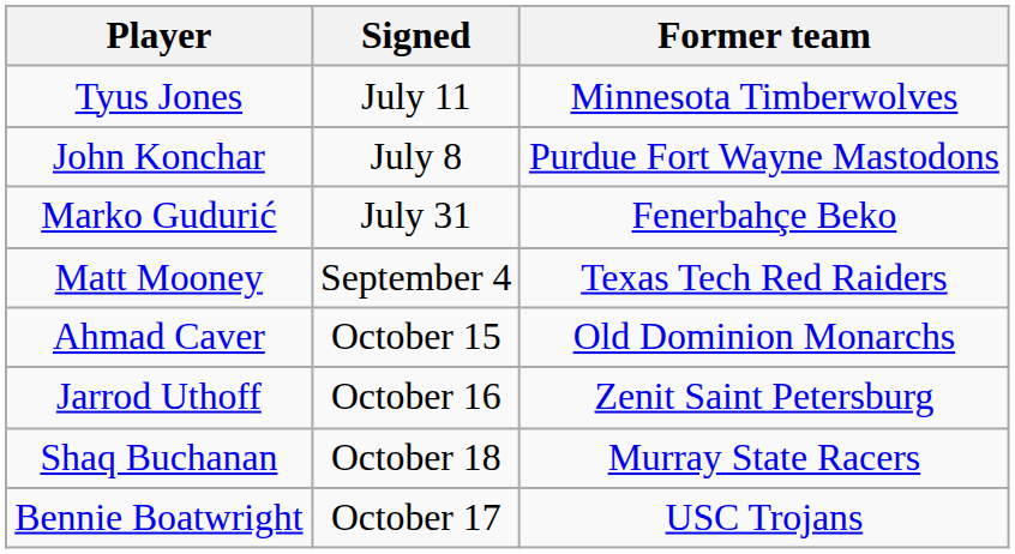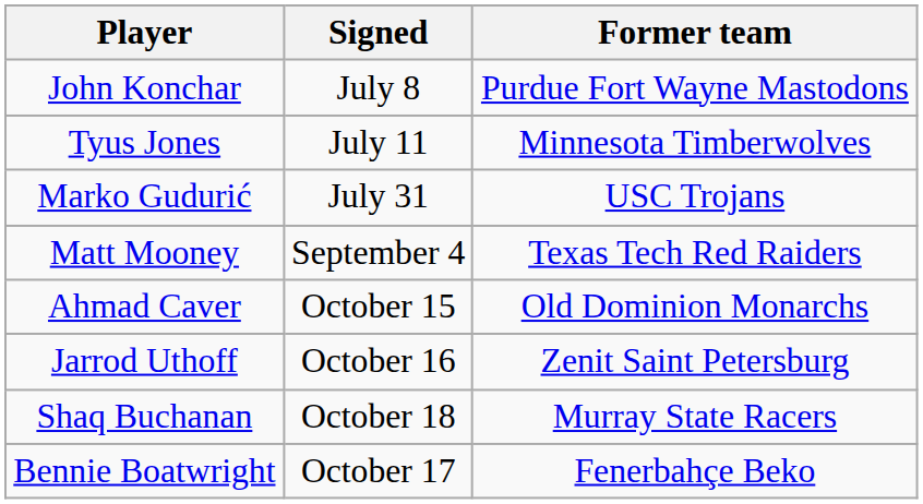 <table class="wikitable sortable sortable" style="text-align: center">
 <tr>
 <th>Player</th>
 <th>Signed</th>
 <th>Former team</th>
 </tr>
 <tr>
+<td><a href='#'>John Konchar</a></td>
+<td>July 8</td>
+<td><a href='#'>Purdue Fort Wayne Mastodons</a></td>
+</tr>
+<tr>
 <td><a href='#'>Tyus Jones</a></td>
 <td>July 11</td>
 <td><a href='#'>Minnesota Timberwolves</a></td>
 </tr>
 <tr>
-<td><a href='#'>John Konchar</a></td>
-<td>July 8</td>
-<td><a href='#'>Purdue Fort Wayne Mastodons</a></td>
-</tr>
-<tr>
 <td><a href='#'>Marko Gudurić</a></td>
 <td>July 31</td>
-<td> <a href='#'>Fenerbahçe Beko</a></td>
+<td><a href='#'>USC Trojans</a></td>
 </tr>
 <tr>
 <td><a href='#'>Matt Mooney</a></td>
 <td>September 4</td>
 <td><a href='#'>Texas Tech Red Raiders</a></td>
 </tr>
 <tr>
 <td><a href='#'>Ahmad Caver</a></td>
 <td>October 15</td>
 <td><a href='#'>Old Dominion Monarchs</a></td>
 </tr>
 <tr>
 <td><a href='#'>Jarrod Uthoff</a></td>
 <td>October 16</td>
 <td> <a href='#'>Zenit Saint Petersburg</a></td>
 </tr>
 <tr>
 <td><a href='#'>Shaq Buchanan</a></td>
 <td>October 18</td>
 <td><a href='#'>Murray State Racers</a></td>
 </tr>
 <tr>
 <td><a href='#'>Bennie Boatwright</a></td>
 <td>October 17</td>
-<td><a href='#'>USC Trojans</a></td>
+<td> <a href='#'>Fenerbahçe Beko</a></td>
 </tr>
 </table>
